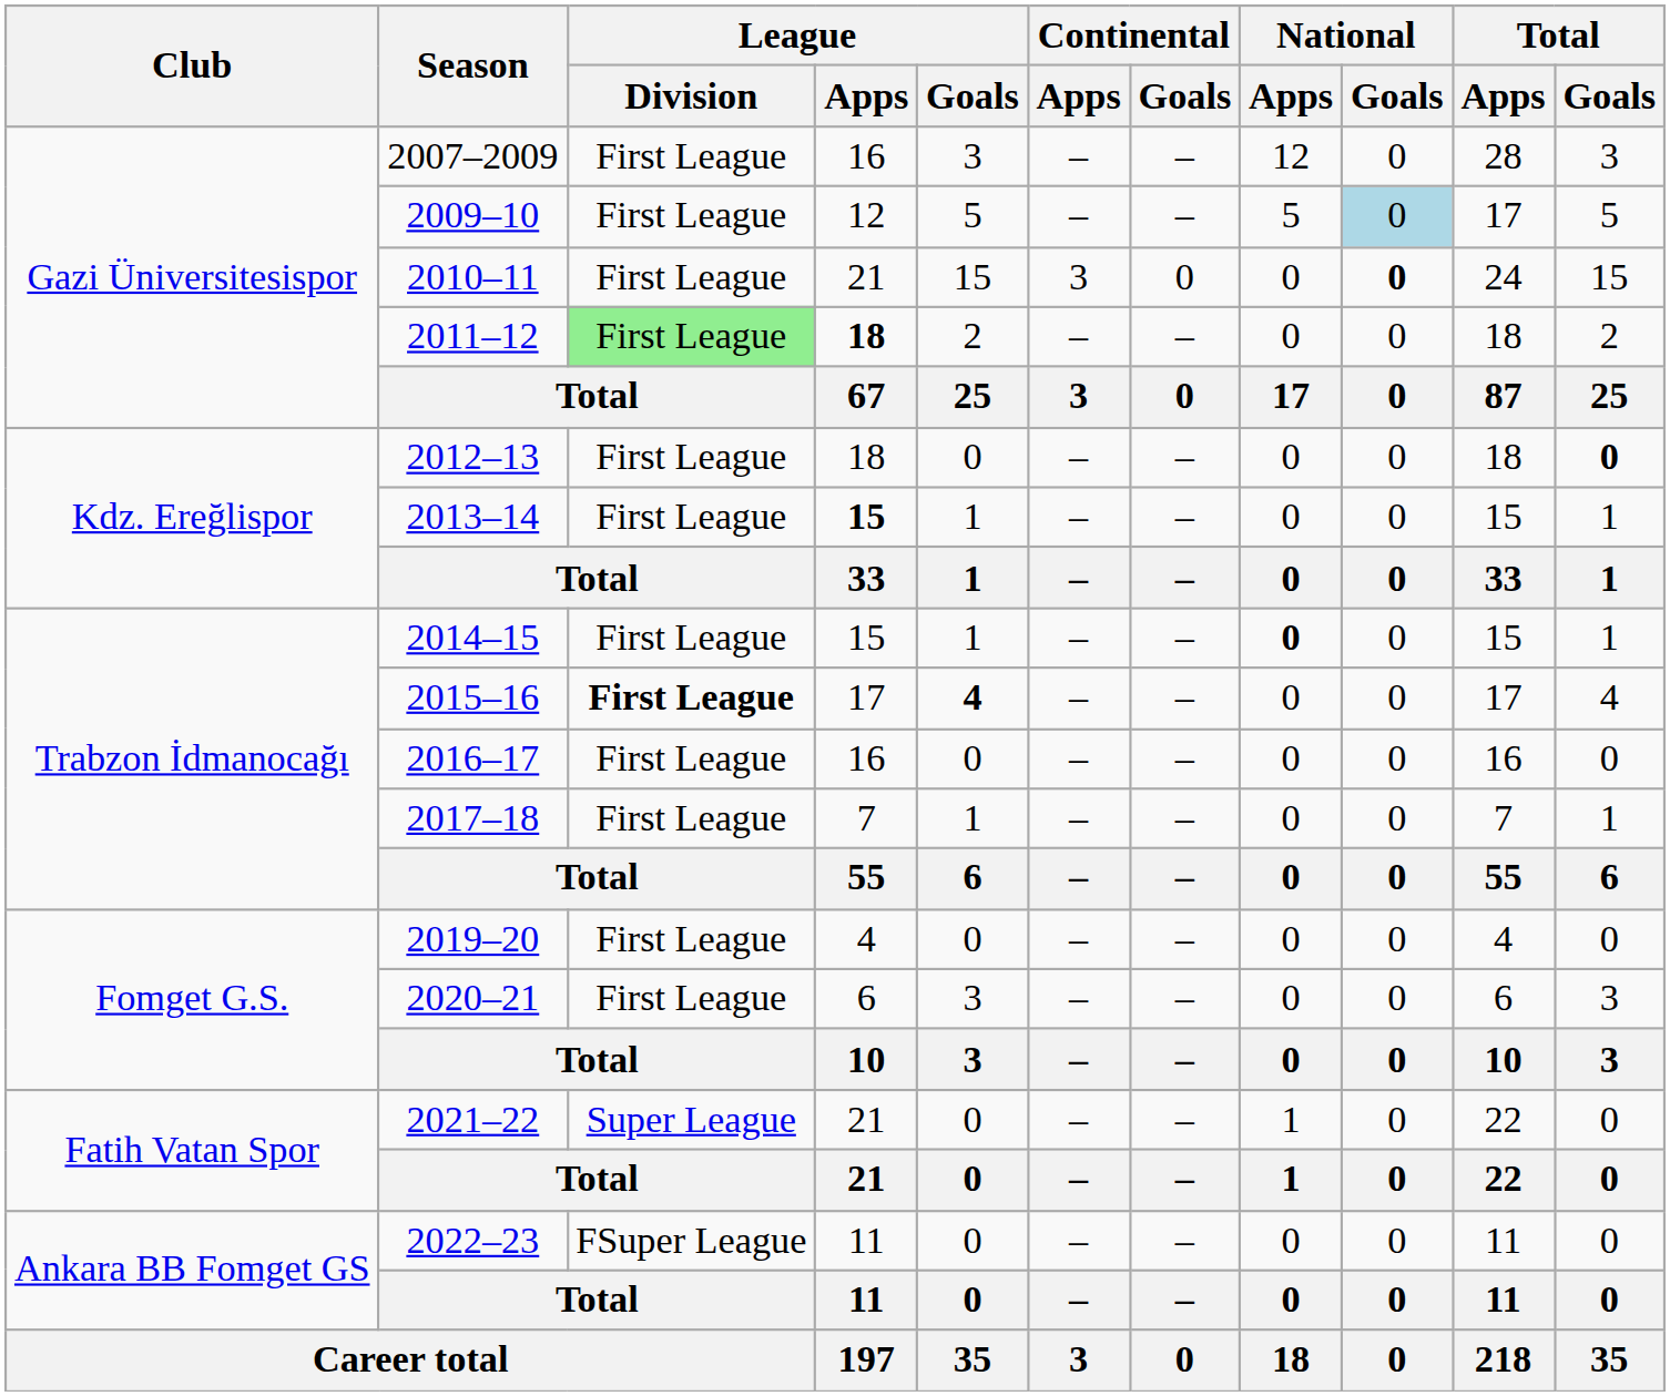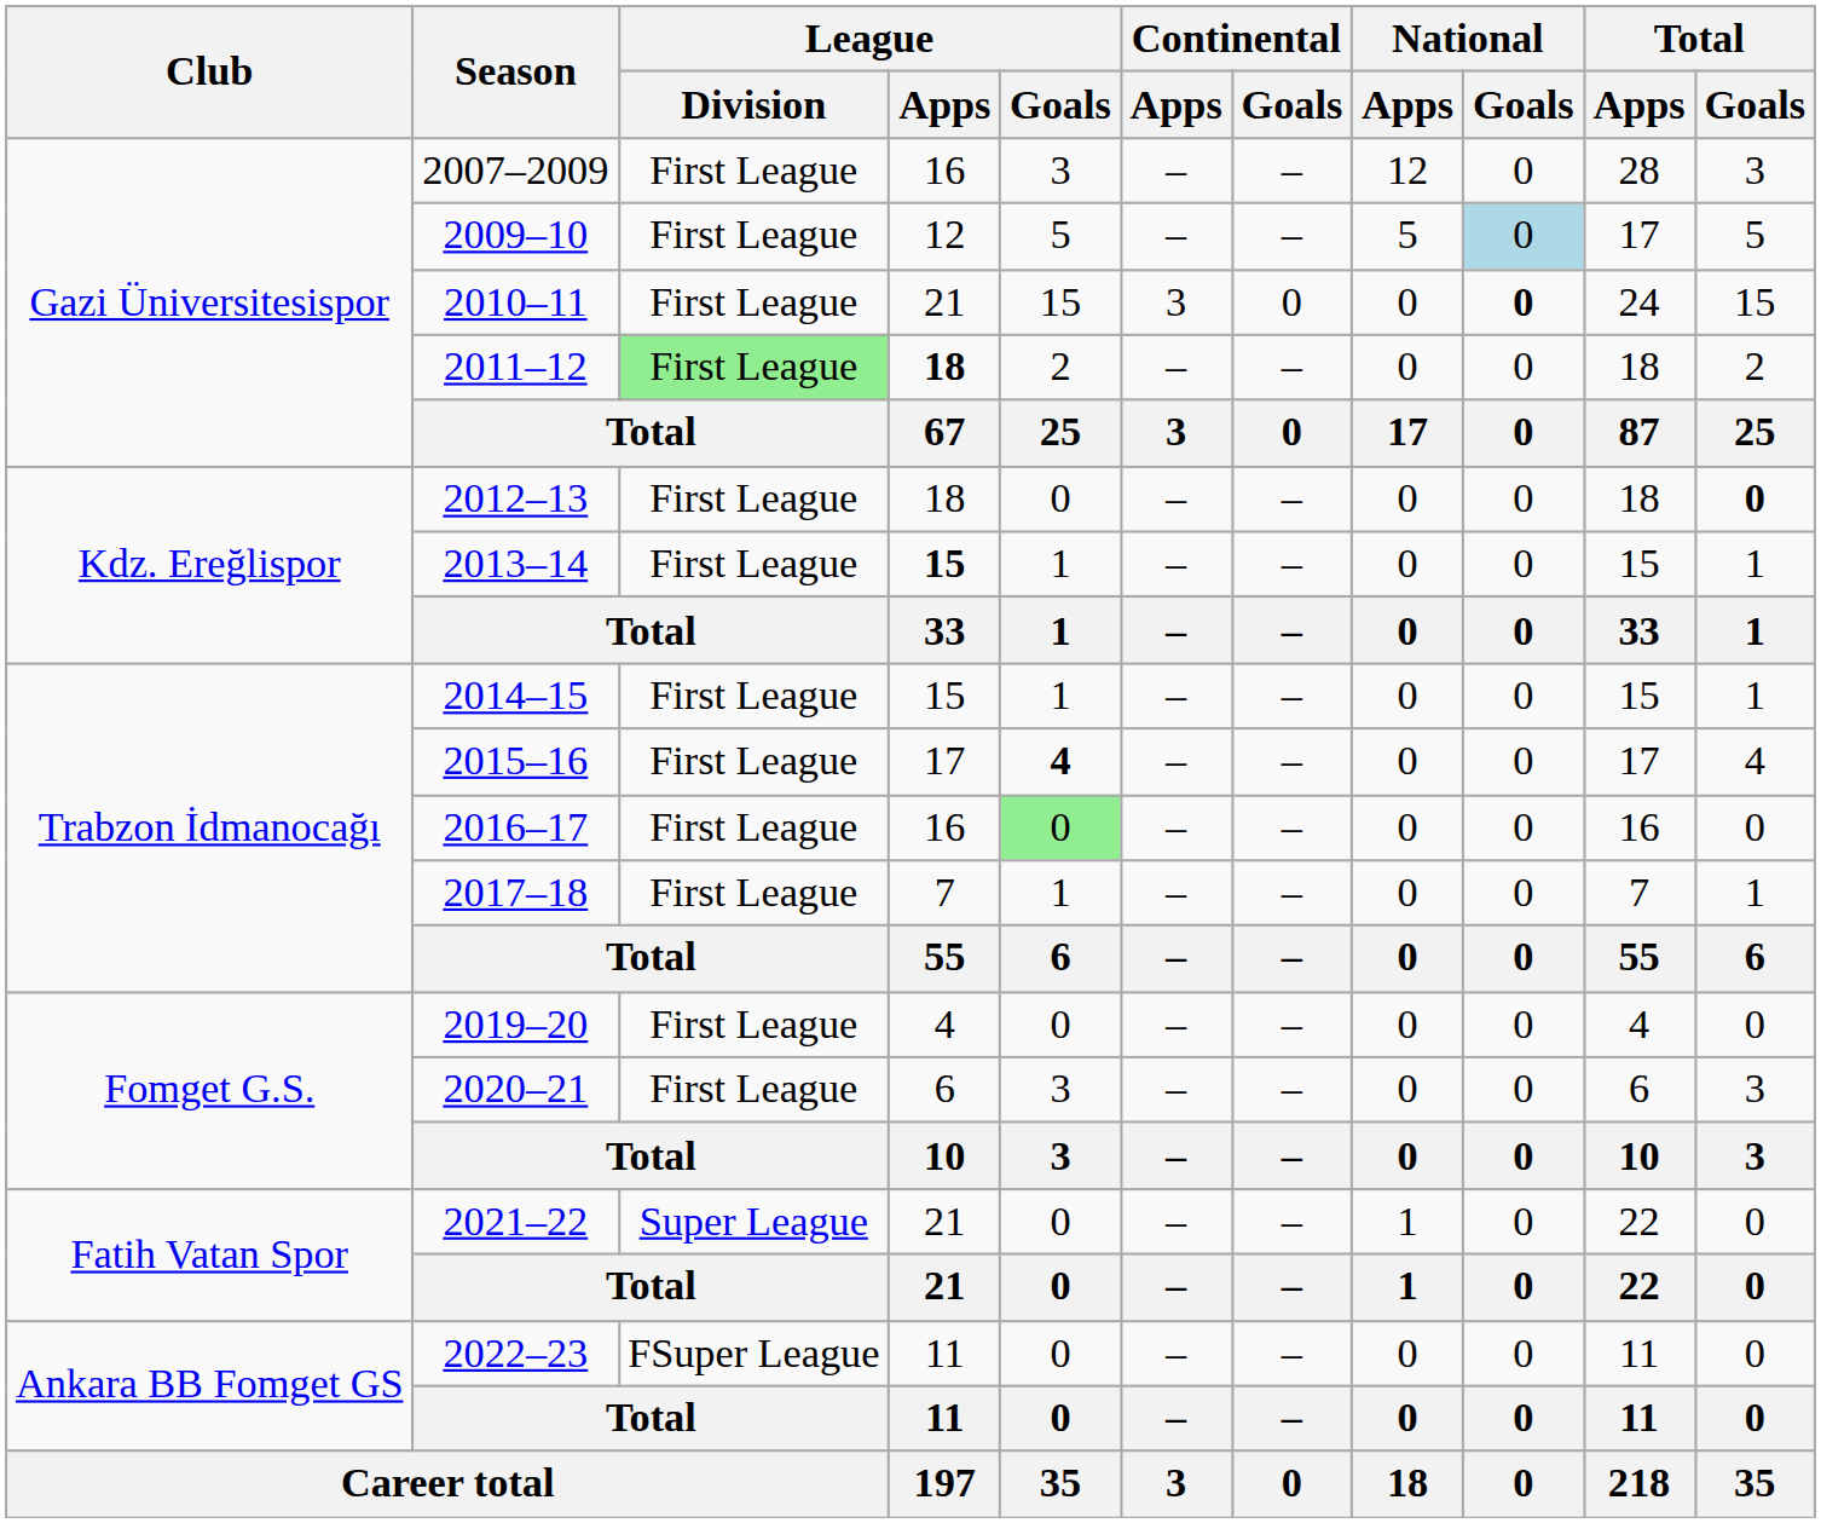 <table class="wikitable" style="text-align: center;">
 <tr>
 <th rowspan=2>Club</th>
 <th rowspan=2>Season</th>
 <th colspan=3>League</th>
 <th colspan=2>Continental</th>
 <th colspan=2>National</th>
 <th colspan=2>Total</th>
 </tr>
 <tr>
 <th>Division</th>
 <th>Apps</th>
 <th>Goals</th>
 <th>Apps</th>
 <th>Goals</th>
 <th>Apps</th>
 <th>Goals</th>
 <th>Apps</th>
 <th>Goals</th>
 </tr>
 <tr>
 <td rowspan=5><a href='#'>Gazi Üniversitesispor</a></td>
 <td>2007–2009</td>
 <td>First League</td>
 <td>16</td>
 <td>3</td>
 <td>–</td>
 <td>–</td>
 <td>12</td>
 <td>0</td>
 <td>28</td>
 <td>3</td>
 </tr>
 <tr>
 <td><a href='#'>2009–10</a></td>
 <td>First League</td>
 <td>12</td>
 <td>5</td>
 <td>–</td>
 <td>–</td>
 <td>5</td>
 <td style="background: lightblue;">0</td>
 <td>17</td>
 <td>5</td>
 </tr>
 <tr>
 <td><a href='#'>2010–11</a></td>
 <td>First League</td>
 <td>21</td>
 <td>15</td>
 <td>3</td>
 <td>0</td>
 <td>0</td>
 <td><strong>0</strong></td>
 <td>24</td>
 <td>15</td>
 </tr>
 <tr>
 <td><a href='#'>2011–12</a></td>
 <td style="background: lightgreen;">First League</td>
 <td><strong>18</strong></td>
 <td>2</td>
 <td>–</td>
 <td>–</td>
 <td>0</td>
 <td>0</td>
 <td>18</td>
 <td>2</td>
 </tr>
 <tr>
 <th colspan=2>Total</th>
 <th>67</th>
 <th>25</th>
 <th>3</th>
 <th>0</th>
 <th>17</th>
 <th>0</th>
 <th>87</th>
 <th>25</th>
 </tr>
 <tr>
 <td rowspan=3><a href='#'>Kdz. Ereğlispor</a></td>
 <td><a href='#'>2012–13</a></td>
 <td>First League</td>
 <td>18</td>
 <td>0</td>
 <td>–</td>
 <td>–</td>
 <td>0</td>
 <td>0</td>
 <td>18</td>
 <td><strong>0</strong></td>
 </tr>
 <tr>
 <td><a href='#'>2013–14</a></td>
 <td>First League</td>
 <td><strong>15</strong></td>
 <td>1</td>
 <td>–</td>
 <td>–</td>
 <td>0</td>
 <td>0</td>
 <td>15</td>
 <td>1</td>
 </tr>
 <tr>
 <th colspan=2>Total</th>
 <th>33</th>
 <th>1</th>
 <th>–</th>
 <th>–</th>
 <th>0</th>
 <th>0</th>
 <th>33</th>
 <th>1</th>
 </tr>
 <tr>
 <td rowspan=5><a href='#'>Trabzon İdmanocağı</a></td>
 <td><a href='#'>2014–15</a></td>
 <td>First League</td>
 <td>15</td>
 <td>1</td>
 <td>–</td>
 <td>–</td>
-<td><strong>0</strong></td>
+<td>0</td>
 <td>0</td>
 <td>15</td>
 <td>1</td>
 </tr>
 <tr>
 <td><a href='#'>2015–16</a></td>
-<td><strong>First League</strong></td>
+<td>First League</td>
 <td>17</td>
 <td><strong>4</strong></td>
 <td>–</td>
 <td>–</td>
 <td>0</td>
 <td>0</td>
 <td>17</td>
 <td>4</td>
 </tr>
 <tr>
 <td><a href='#'>2016–17</a></td>
 <td>First League</td>
 <td>16</td>
-<td>0</td>
+<td style="background: lightgreen;">0</td>
 <td>–</td>
 <td>–</td>
 <td>0</td>
 <td>0</td>
 <td>16</td>
 <td>0</td>
 </tr>
 <tr>
 <td><a href='#'>2017–18</a></td>
 <td>First League</td>
 <td>7</td>
 <td>1</td>
 <td>–</td>
 <td>–</td>
 <td>0</td>
 <td>0</td>
 <td>7</td>
 <td>1</td>
 </tr>
 <tr>
 <th colspan=2>Total</th>
 <th>55</th>
 <th>6</th>
 <th>–</th>
 <th>–</th>
 <th>0</th>
 <th>0</th>
 <th>55</th>
 <th>6</th>
 </tr>
 <tr>
 <td rowspan=3><a href='#'>Fomget G.S.</a></td>
 <td><a href='#'>2019–20</a></td>
 <td>First League</td>
 <td>4</td>
 <td>0</td>
 <td>–</td>
 <td>–</td>
 <td>0</td>
 <td>0</td>
 <td>4</td>
 <td>0</td>
 </tr>
 <tr>
 <td><a href='#'>2020–21</a></td>
 <td>First League</td>
 <td>6</td>
 <td>3</td>
 <td>–</td>
 <td>–</td>
 <td>0</td>
 <td>0</td>
 <td>6</td>
 <td>3</td>
 </tr>
 <tr>
 <th colspan=2>Total</th>
 <th>10</th>
 <th>3</th>
 <th>–</th>
 <th>–</th>
 <th>0</th>
 <th>0</th>
 <th>10</th>
 <th>3</th>
 </tr>
 <tr>
 <td rowspan=2><a href='#'>Fatih Vatan Spor</a></td>
 <td><a href='#'>2021–22</a></td>
 <td><a href='#'>Super League</a></td>
 <td>21</td>
 <td>0</td>
 <td>–</td>
 <td>–</td>
 <td>1</td>
 <td>0</td>
 <td>22</td>
 <td>0</td>
 </tr>
 <tr>
 <th colspan=2>Total</th>
 <th>21</th>
 <th>0</th>
 <th>–</th>
 <th>–</th>
 <th>1</th>
 <th>0</th>
 <th>22</th>
 <th>0</th>
 </tr>
 <tr>
 <td rowspan=2><a href='#'>Ankara BB Fomget GS</a></td>
 <td><a href='#'>2022–23</a></td>
 <td>FSuper League</td>
 <td>11</td>
 <td>0</td>
 <td>–</td>
 <td>–</td>
 <td>0</td>
 <td>0</td>
 <td>11</td>
 <td>0</td>
 </tr>
 <tr>
 <th colspan=2>Total</th>
 <th>11</th>
 <th>0</th>
 <th>–</th>
 <th>–</th>
 <th>0</th>
 <th>0</th>
 <th>11</th>
 <th>0</th>
 </tr>
 <tr>
 <th colspan=3>Career total</th>
 <th>197</th>
 <th>35</th>
 <th>3</th>
 <th>0</th>
 <th>18</th>
 <th>0</th>
 <th>218</th>
 <th>35</th>
 </tr>
 </table>
